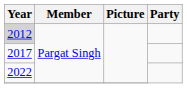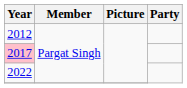 <table class="wikitable sortable">
 <tr>
 <th>Year</th>
 <th>Member</th>
 <th>Picture</th>
 <th colspan=2>Party</th>
 </tr>
 <tr>
-<td style="background: lightgrey;"><a href='#'>2012</a></td>
+<td><a href='#'>2012</a></td>
 <td rowspan=3><a href='#'>Pargat Singh</a></td>
 <td rowspan=3></td>
 <td></td>
 </tr>
 <tr>
-<td><a href='#'>2017</a></td>
+<td style="background: pink;"><a href='#'>2017</a></td>
 <td></td>
 </tr>
 <tr>
 <td><a href='#'>2022</a></td>
 </tr>
 <tr>
 </tr>
 </table>
